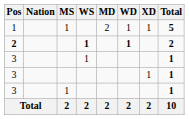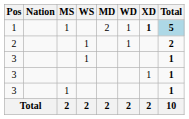 <table class="wikitable" style="text-align:center">
 <tr>
 <th>Pos</th>
 <th>Nation</th>
 <th>MS</th>
 <th>WS</th>
 <th>MD</th>
 <th>WD</th>
 <th>XD</th>
 <th>Total</th>
 </tr>
 <tr>
 <td>1</td>
 <td align=left></td>
 <td>1</td>
 <td></td>
 <td>2</td>
 <td>1</td>
-<td>1</td>
-<td><strong>5</strong></td>
+<td><strong>1</strong></td>
+<td style="background: lightblue;"><strong>5</strong></td>
 </tr>
 <tr>
-<td><strong>2</strong></td>
+<td>2</td>
 <td align=left></td>
 <td></td>
-<td><strong>1</strong></td>
+<td>1</td>
 <td></td>
-<td><strong>1</strong></td>
+<td>1</td>
 <td></td>
 <td><strong>2</strong></td>
 </tr>
 <tr>
 <td>3</td>
 <td align=left></td>
 <td></td>
 <td>1</td>
 <td></td>
 <td></td>
 <td></td>
 <td><strong>1</strong></td>
 </tr>
 <tr>
 <td>3</td>
 <td align=left></td>
 <td></td>
 <td></td>
 <td></td>
 <td></td>
 <td>1</td>
 <td><strong>1</strong></td>
 </tr>
 <tr>
 <td>3</td>
 <td align=left></td>
 <td>1</td>
 <td></td>
 <td></td>
 <td></td>
 <td></td>
 <td><strong>1</strong></td>
 </tr>
 <tr>
 <th colspan="2">Total</th>
 <th>2</th>
 <th>2</th>
 <th>2</th>
 <th>2</th>
 <th>2</th>
 <th>10</th>
 </tr>
 </table>
